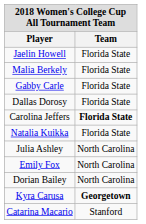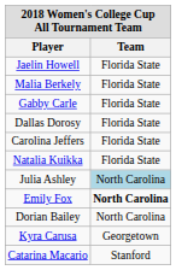 <table class="wikitable" style="white-space:nowrap; font-size:90%;">
 <tr>
 <td colspan="7" style="text-align:center; background:#ddd;"><strong>2018 Women's College Cup<br>All Tournament Team</strong></td>
 </tr>
 <tr>
 <th style="text-align:center;">Player</th>
 <th style="text-align:center;">Team</th>
 </tr>
 <tr>
 <td style="text-align:center;"><a href='#'>Jaelin Howell</a></td>
 <td style="text-align:center;">Florida State</td>
 </tr>
 <tr>
 <td style="text-align:center;"><a href='#'>Malia Berkely</a></td>
 <td style="text-align:center;">Florida State</td>
 </tr>
 <tr>
 <td style="text-align:center;"><a href='#'>Gabby Carle</a></td>
 <td style="text-align:center;">Florida State</td>
 </tr>
 <tr>
 <td style="text-align:center;">Dallas Dorosy</td>
 <td style="text-align:center;">Florida State</td>
 </tr>
 <tr>
 <td style="text-align:center;">Carolina Jeffers</td>
-<td style="text-align:center;"><strong>Florida State</strong></td>
+<td style="text-align:center;">Florida State</td>
 </tr>
 <tr>
 <td style="text-align:center;"><a href='#'>Natalia Kuikka</a></td>
 <td style="text-align:center;">Florida State</td>
 </tr>
 <tr>
 <td style="text-align:center;">Julia Ashley</td>
-<td style="text-align:center;">North Carolina</td>
+<td style="background: lightblue; text-align:center;">North Carolina</td>
 </tr>
 <tr>
 <td style="text-align:center;"><a href='#'>Emily Fox</a></td>
-<td style="text-align:center;">North Carolina</td>
+<td style="text-align:center;"><strong>North Carolina</strong></td>
 </tr>
 <tr>
 <td style="text-align:center;">Dorian Bailey</td>
 <td style="text-align:center;">North Carolina</td>
 </tr>
 <tr>
 <td style="text-align:center;"><a href='#'>Kyra Carusa</a></td>
-<td style="text-align:center;"><strong>Georgetown</strong></td>
+<td style="text-align:center;">Georgetown</td>
 </tr>
 <tr>
 <td style="text-align:center;"><a href='#'>Catarina Macario</a></td>
 <td style="text-align:center;">Stanford</td>
 </tr>
 </table>
